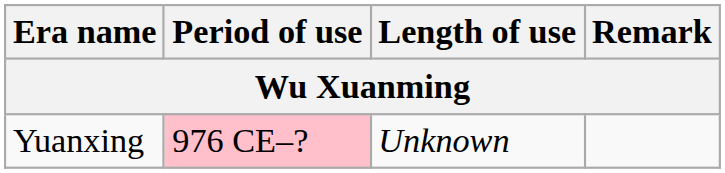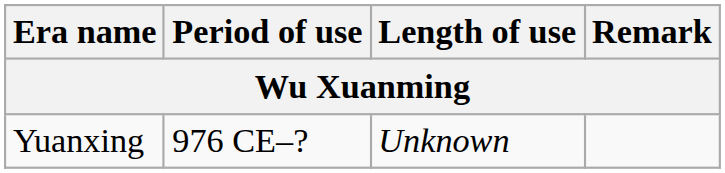 <table class="wikitable">
 <tr>
 <th>Era name</th>
 <th>Period of use</th>
 <th>Length of use</th>
 <th>Remark</th>
 </tr>
 <tr>
 <th colspan="4">Wu Xuanming<br></th>
 </tr>
 <tr>
 <td>Yuanxing<br></td>
-<td style="background: pink;">976 CE–?</td>
+<td>976 CE–?</td>
 <td><em>Unknown</em></td>
 <td></td>
 </tr>
 </table>
